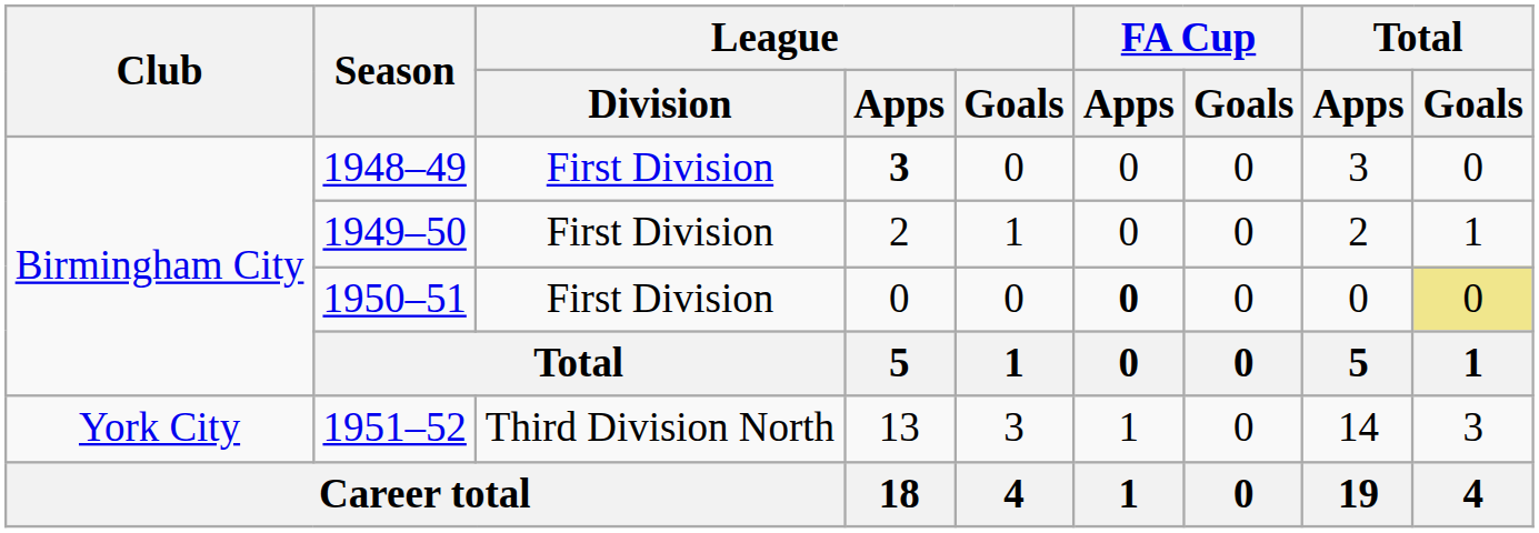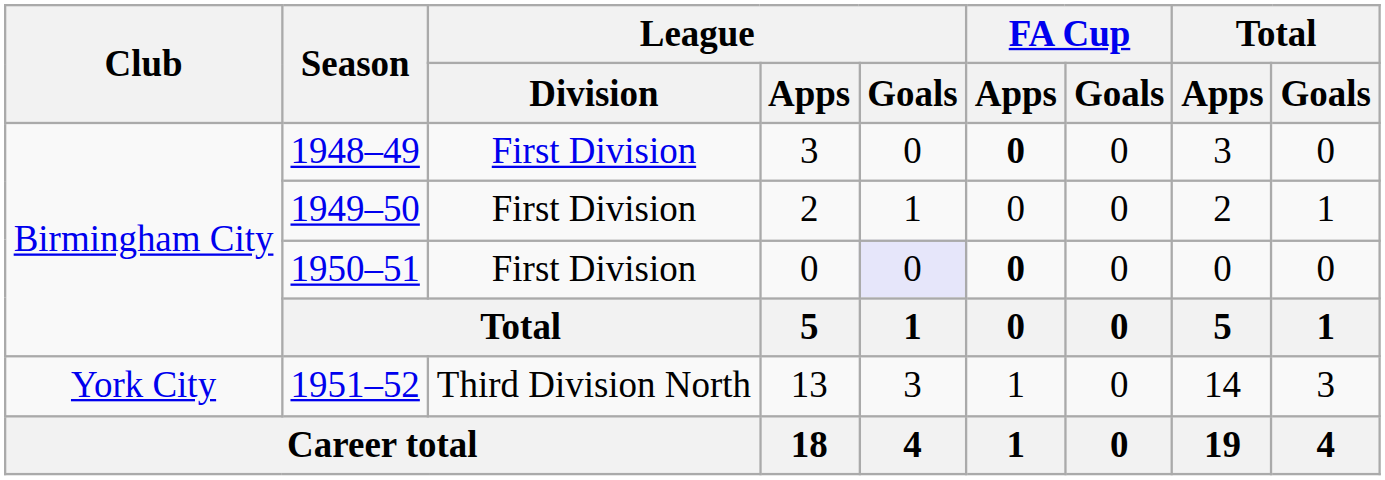 <table class="wikitable" style="text-align:center;">
 <tr>
 <th rowspan="2">Club</th>
 <th rowspan="2">Season</th>
 <th colspan="3">League</th>
 <th colspan="2"><a href='#'>FA Cup</a></th>
 <th colspan="2">Total</th>
 </tr>
 <tr>
 <th>Division</th>
 <th>Apps</th>
 <th>Goals</th>
 <th>Apps</th>
 <th>Goals</th>
 <th>Apps</th>
 <th>Goals</th>
 </tr>
 <tr>
 <td rowspan="4"><a href='#'>Birmingham City</a></td>
 <td><a href='#'>1948–49</a></td>
 <td><a href='#'>First Division</a></td>
-<td><strong>3</strong></td>
+<td>3</td>
 <td>0</td>
-<td>0</td>
+<td><strong>0</strong></td>
 <td>0</td>
 <td>3</td>
 <td>0</td>
 </tr>
 <tr>
 <td><a href='#'>1949–50</a></td>
 <td>First Division</td>
 <td>2</td>
 <td>1</td>
 <td>0</td>
 <td>0</td>
 <td>2</td>
 <td>1</td>
 </tr>
 <tr>
 <td><a href='#'>1950–51</a></td>
 <td>First Division</td>
 <td>0</td>
-<td>0</td>
+<td style="background: lavender;">0</td>
 <td><strong>0</strong></td>
 <td>0</td>
 <td>0</td>
-<td style="background: khaki;">0</td>
+<td>0</td>
 </tr>
 <tr>
 <th colspan="2">Total</th>
 <th>5</th>
 <th>1</th>
 <th>0</th>
 <th>0</th>
 <th>5</th>
 <th>1</th>
 </tr>
 <tr>
 <td><a href='#'>York City</a></td>
 <td><a href='#'>1951–52</a></td>
 <td>Third Division North</td>
 <td>13</td>
 <td>3</td>
 <td>1</td>
 <td>0</td>
 <td>14</td>
 <td>3</td>
 </tr>
 <tr>
 <th colspan="3">Career total</th>
 <th>18</th>
 <th>4</th>
 <th>1</th>
 <th>0</th>
 <th>19</th>
 <th>4</th>
 </tr>
 </table>
